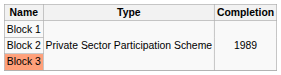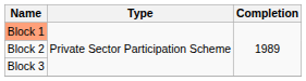 <table class="wikitable" style="text-align: center">
 <tr>
 <th>Name</th>
 <th>Type</th>
 <th>Completion</th>
 </tr>
 <tr>
-<td>Block 1</td>
+<td style="background: lightsalmon;">Block 1</td>
 <td rowspan="3">Private Sector Participation Scheme</td>
 <td rowspan="3">1989</td>
 </tr>
 <tr>
 <td>Block 2</td>
 </tr>
 <tr>
-<td style="background: lightsalmon;">Block 3</td>
+<td>Block 3</td>
 </tr>
 <tr>
 </tr>
 </table>
